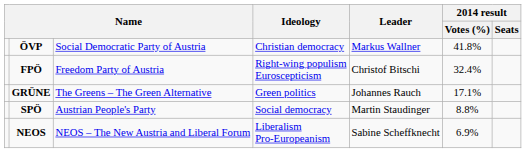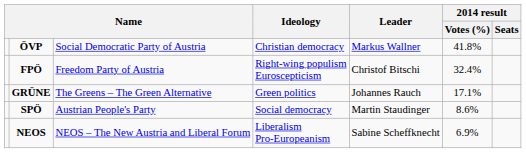 <table class="wikitable">
 <tr>
 <th rowspan="2" colspan="3">Name</th>
 <th rowspan="2">Ideology</th>
 <th rowspan="2">Leader</th>
 <th colspan="2">2014 result</th>
 </tr>
 <tr>
 <th>Votes (%)</th>
 <th>Seats</th>
 </tr>
 <tr>
 <td style="background:"></td>
 <td style="text-align:center;"><strong>ÖVP</strong></td>
 <td><a href='#'>Social Democratic Party of Austria</a><br></td>
 <td><a href='#'>Christian democracy</a></td>
 <td><a href='#'>Markus Wallner</a></td>
 <td style="text-align:center;">41.8%</td>
 <td></td>
 </tr>
 <tr>
 <td style="background:"></td>
 <td style="text-align:center;"><strong>FPÖ</strong></td>
 <td><a href='#'>Freedom Party of Austria</a><br></td>
 <td><a href='#'>Right-wing populism</a><br><a href='#'>Euroscepticism</a></td>
 <td>Christof Bitschi</td>
 <td style="text-align:center;">32.4%</td>
 <td></td>
 </tr>
 <tr>
 <td style="background:"></td>
 <td style="text-align:center;"><strong>GRÜNE</strong></td>
 <td><a href='#'>The Greens – The Green Alternative</a><br></td>
 <td><a href='#'>Green politics</a></td>
 <td>Johannes Rauch</td>
 <td style="text-align:center;">17.1%</td>
 <td></td>
 </tr>
 <tr>
 <td style="background:"></td>
 <td style="text-align:center;"><strong>SPÖ</strong></td>
 <td><a href='#'>Austrian People's Party</a><br></td>
 <td><a href='#'>Social democracy</a></td>
 <td>Martin Staudinger</td>
-<td style="text-align:center;">8.8%</td>
+<td style="text-align:center;">8.6%</td>
 <td></td>
 </tr>
 <tr>
 <td style="background:"></td>
 <td style="text-align:center;"><strong>NEOS</strong></td>
 <td><a href='#'>NEOS – The New Austria and Liberal Forum</a><br></td>
 <td><a href='#'>Liberalism</a><br><a href='#'>Pro-Europeanism</a></td>
 <td>Sabine Scheffknecht</td>
 <td style="text-align:center;">6.9%</td>
 <td></td>
 </tr>
 </table>
